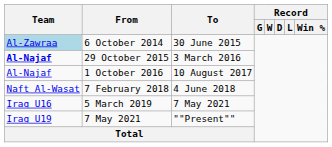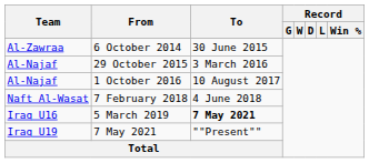 <table class=wikitable style="text-align: center">
 <tr>
 <th rowspan=2>Team</th>
 <th rowspan=2>From</th>
 <th rowspan=2>To</th>
 <th colspan=5>Record</th>
 </tr>
 <tr>
 <th>G</th>
 <th>W</th>
 <th>D</th>
 <th>L</th>
 <th>Win %</th>
 </tr>
 <tr>
-<td align=left style="background: lightblue;"><a href='#'>Al-Zawraa</a></td>
+<td align=left><a href='#'>Al-Zawraa</a></td>
 <td align=left>6 October 2014</td>
 <td align=left>30 June 2015<br></td>
 </tr>
 <tr>
-<td align=left><strong><a href='#'>Al-Najaf</a></strong></td>
+<td align=left><a href='#'>Al-Najaf</a></td>
 <td align=left>29 October 2015</td>
 <td align=left>3 March 2016<br></td>
 </tr>
 <tr>
 <td align=left><a href='#'>Al-Najaf</a></td>
 <td align=left>1 October 2016</td>
 <td align=left>10 August 2017<br></td>
 </tr>
 <tr>
 <td align=left><a href='#'>Naft Al-Wasat</a></td>
 <td align=left>7 February 2018</td>
 <td align=left>4 June 2018<br></td>
 </tr>
 <tr>
 <td align=left><a href='#'>Iraq U16</a></td>
 <td align=left>5 March 2019</td>
-<td align=left>7 May 2021<br></td>
+<td align=left><strong>7 May 2021<br></strong></td>
 </tr>
 <tr>
 <td align=left><a href='#'>Iraq U19</a></td>
 <td align=left>7 May 2021</td>
 <td align=left>""Present""<br></td>
 </tr>
 <tr>
 <th colspan=3 align=center valign=middle>Total<br></th>
 </tr>
 </table>
